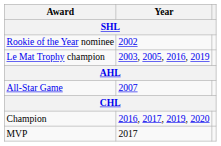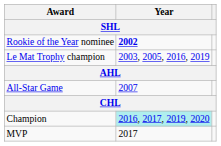 <table class="wikitable">
 <tr>
 <th>Award</th>
 <th>Year</th>
 <th></th>
 </tr>
 <tr>
 <th colspan="3"><a href='#'>SHL</a></th>
 </tr>
 <tr>
 <td><a href='#'>Rookie of the Year</a> nominee</td>
-<td><a href='#'>2002</a></td>
+<td><strong><a href='#'>2002</a></strong></td>
 <td></td>
 </tr>
 <tr>
 <td><a href='#'>Le Mat Trophy</a> champion</td>
 <td><a href='#'>2003</a>, <a href='#'>2005</a>, <a href='#'>2016</a>, <a href='#'>2019</a></td>
 <td></td>
 </tr>
 <tr>
 <th colspan="3"><a href='#'>AHL</a></th>
 </tr>
 <tr>
 <td><a href='#'>All-Star Game</a></td>
 <td><a href='#'>2007</a></td>
 <td></td>
 </tr>
 <tr>
 <th colspan="3"><a href='#'>CHL</a></th>
 </tr>
 <tr>
 <td>Champion</td>
-<td><a href='#'>2016</a>, <a href='#'>2017</a>, <a href='#'>2019</a>, <a href='#'>2020</a></td>
+<td style="background: paleturquoise;"><a href='#'>2016</a>, <a href='#'>2017</a>, <a href='#'>2019</a>, <a href='#'>2020</a></td>
 <td></td>
 </tr>
 <tr>
 <td>MVP</td>
 <td>2017</td>
 <td></td>
 </tr>
 </table>
